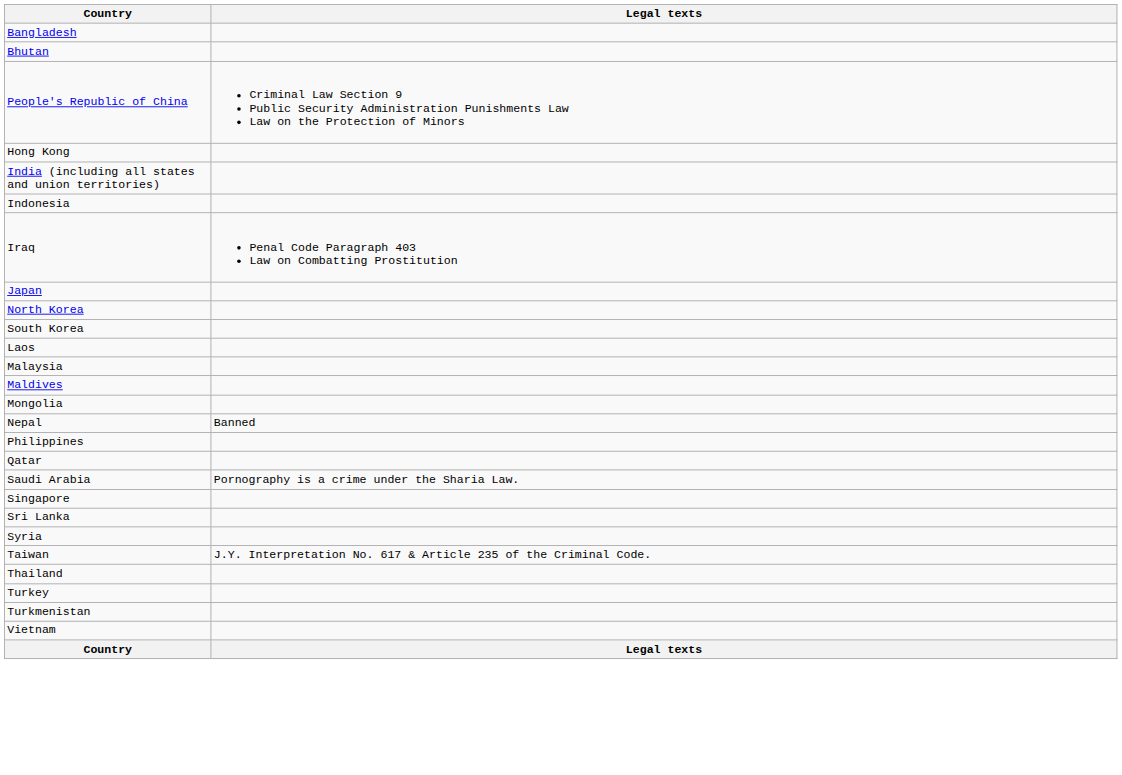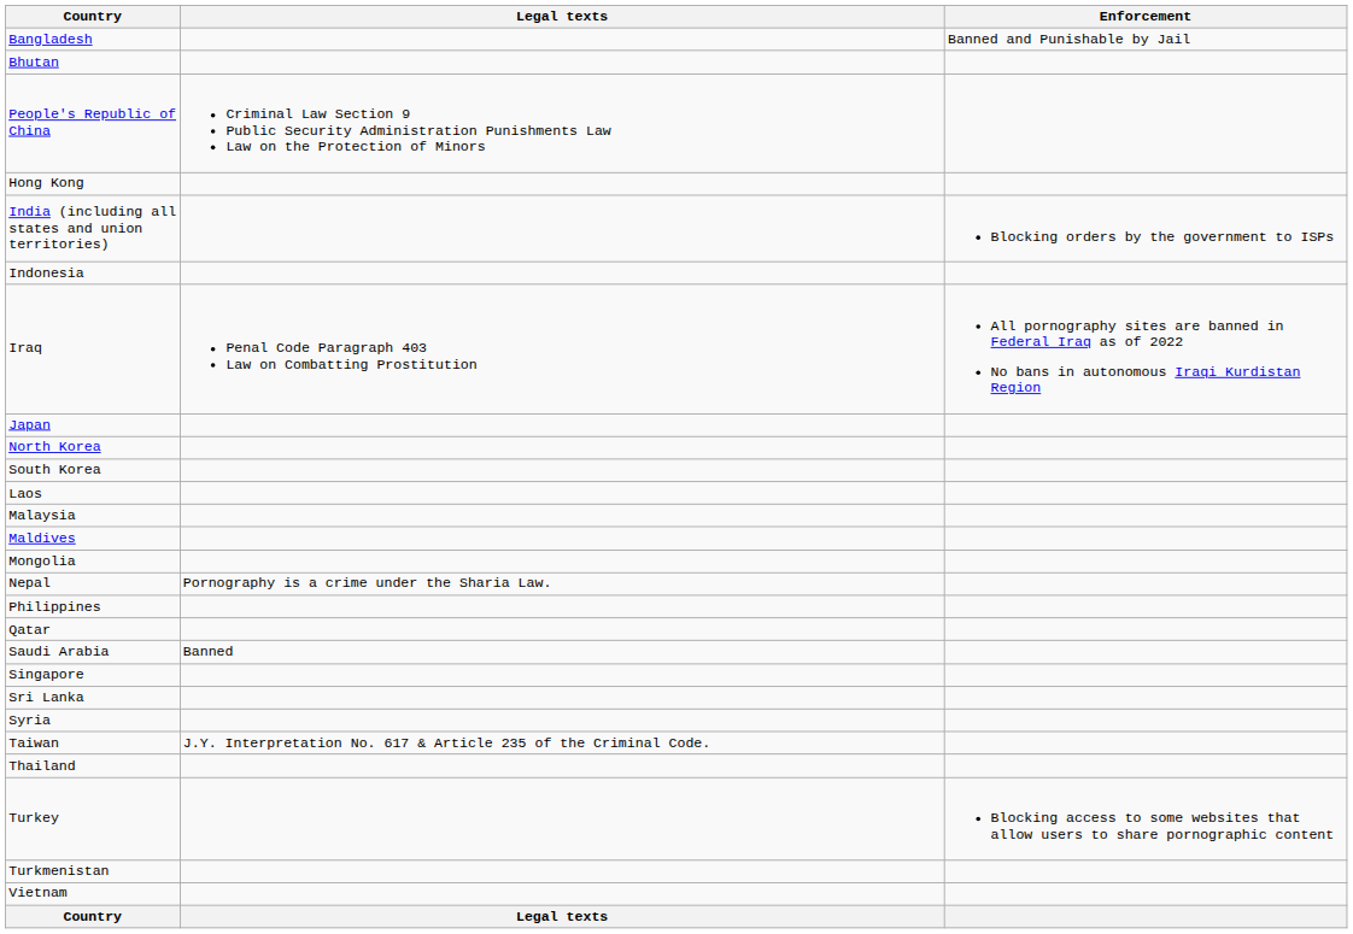 <table class="wikitable sortable">
 <tr>
 <th style="width: 13%">Country</th>
 <th style="width: 57%" class="unsortable">Legal texts</th>
+<th>Enforcement</th>
 </tr>
 <tr>
 <td> <a href='#'>Bangladesh</a></td>
 <td></td>
+<td>Banned and Punishable by Jail</td>
 </tr>
 <tr>
 <td> <a href='#'>Bhutan</a></td>
 <td><br></td>
+<td></td>
 </tr>
 <tr>
 <td> <a href='#'>People's Republic of China</a> <small></small></td>
 <td><br><ul><li>Criminal Law  Section 9</li><li>Public Security Administration Punishments Law</li><li>Law on the Protection of Minors</li></ul></td>
+<td></td>
 </tr>
 <tr>
 <td> Hong Kong</td>
+<td></td>
 <td></td>
 </tr>
 <tr>
 <td> <a href='#'>India</a> (including all states and union territories)</td>
 <td></td>
+<td><br><ul><li>Blocking orders by the government to ISPs</li></ul></td>
 </tr>
 <tr>
 <td> Indonesia</td>
+<td></td>
 <td></td>
 </tr>
 <tr>
 <td> Iraq</td>
 <td><br><ul><li>Penal Code  Paragraph 403</li><li>Law on Combatting Prostitution</li></ul></td>
+<td><br><ul><li>All pornography sites are banned in <a href='#'>Federal Iraq</a> as of 2022</li></ul><ul><li>No bans in autonomous <a href='#'>Iraqi Kurdistan Region</a></li></ul></td>
 </tr>
 <tr>
 <td> <a href='#'>Japan</a></td>
+<td></td>
 <td></td>
 </tr>
 <tr>
 <td> <a href='#'>North Korea</a></td>
 <td></td>
+<td></td>
 </tr>
 <tr>
 <td> South Korea</td>
 <td><br> </td>
+<td></td>
 </tr>
 <tr>
 <td> Laos</td>
+<td></td>
 <td></td>
 </tr>
 <tr>
 <td> Malaysia</td>
 <td></td>
+<td></td>
 </tr>
 <tr>
 <td> <a href='#'>Maldives</a></td>
+<td></td>
 <td></td>
 </tr>
 <tr>
 <td> Mongolia</td>
 <td></td>
+<td></td>
 </tr>
 <tr>
 <td> Nepal</td>
-<td>Banned</td>
+<td>Pornography is a crime under the Sharia Law.</td>
+<td></td>
 </tr>
 <tr>
 <td> Philippines</td>
+<td></td>
 <td></td>
 </tr>
 <tr>
 <td> Qatar</td>
 <td></td>
+<td></td>
 </tr>
 <tr>
 <td> Saudi Arabia</td>
-<td>Pornography is a crime under the Sharia Law.</td>
+<td>Banned</td>
+<td></td>
 </tr>
 <tr>
 <td> Singapore</td>
+<td></td>
 <td></td>
 </tr>
 <tr>
 <td> Sri Lanka</td>
 <td><br></td>
+<td></td>
 </tr>
 <tr>
 <td> Syria</td>
+<td></td>
 <td></td>
 </tr>
 <tr>
 <td> Taiwan</td>
 <td>J.Y. Interpretation No. 617 & Article 235 of the Criminal Code.</td>
+<td></td>
 </tr>
 <tr>
 <td> Thailand</td>
+<td></td>
 <td></td>
 </tr>
 <tr>
 <td> Turkey</td>
 <td></td>
+<td><br><ul><li>Blocking access to some websites that allow users to share pornographic content</li></ul></td>
 </tr>
 <tr>
 <td> Turkmenistan</td>
+<td></td>
 <td></td>
 </tr>
 <tr>
 <td> Vietnam</td>
 <td><br></td>
+<td></td>
 </tr>
 <tr>
 <th style="width: 13%">Country</th>
 <th style="width: 57%" class="unsortable">Legal texts</th>
+<th></th>
 </tr>
 </table>
